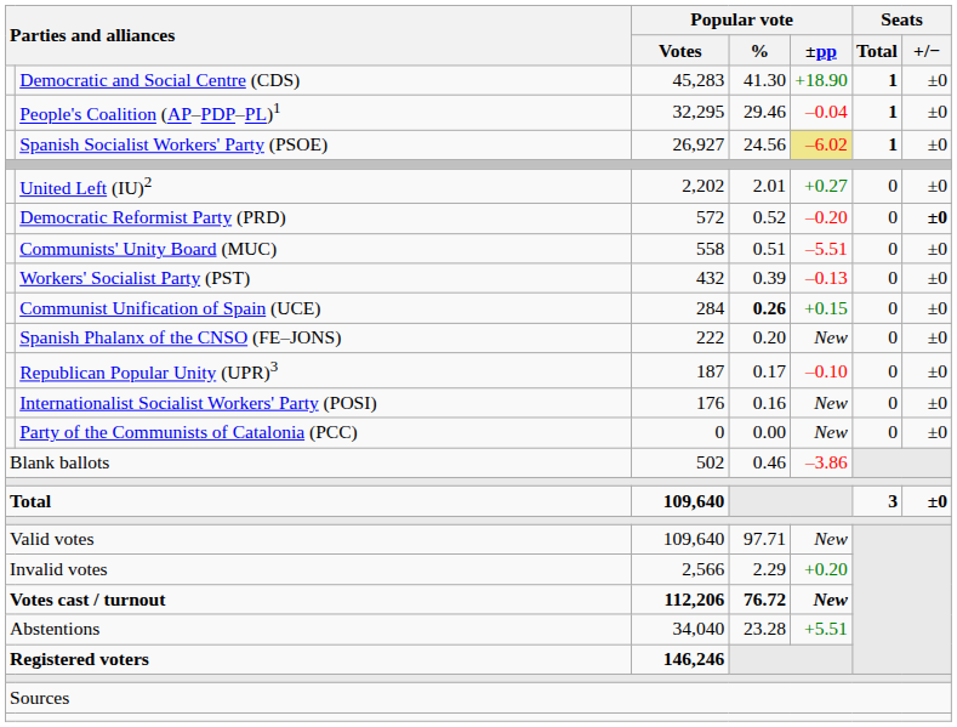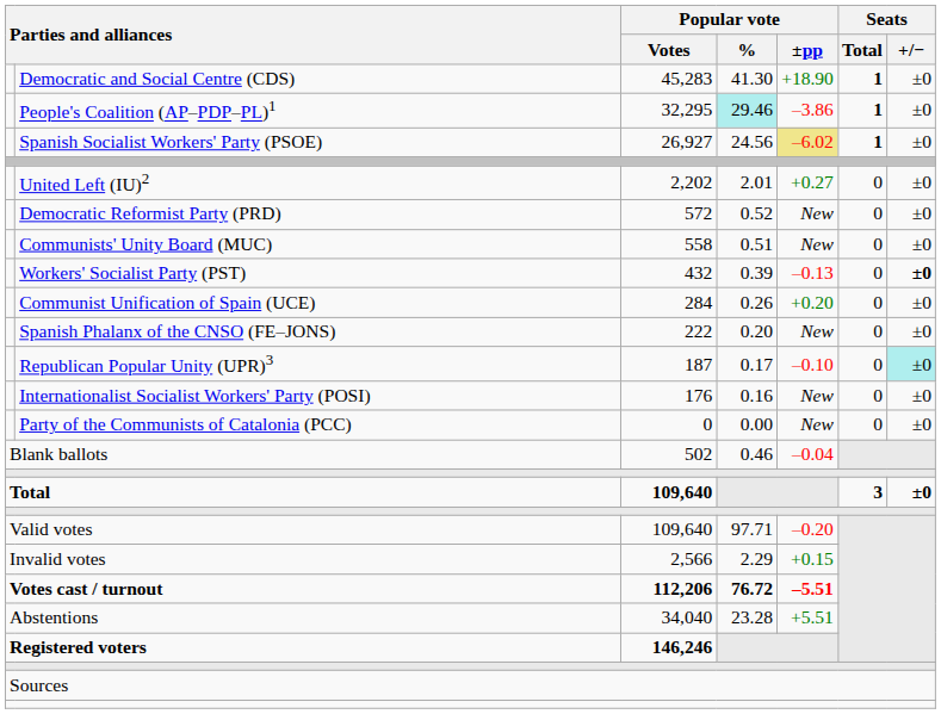 <table class="wikitable" style="text-align:right;">
 <tr>
 <th style="text-align:left;" rowspan="2" colspan="2" width="525">Parties and alliances</th>
 <th colspan="3">Popular vote</th>
 <th colspan="2">Seats</th>
 </tr>
 <tr>
 <th width="75">Votes</th>
 <th width="45">%</th>
 <th width="45">±<a href='#'>pp</a></th>
 <th width="35">Total</th>
 <th width="35">+/−</th>
 </tr>
 <tr>
 <td width="1" style="color:inherit;background:"></td>
 <td align="left"><a href='#'>Democratic and Social Centre</a> (CDS)</td>
 <td>45,283</td>
 <td>41.30</td>
 <td style="color:green;">+18.90</td>
 <td><strong>1</strong></td>
 <td>±0</td>
 </tr>
 <tr>
 <td style="color:inherit;background:"></td>
 <td align="left"><a href='#'>People's Coalition</a> (<a href='#'>AP</a>–<a href='#'>PDP</a>–<a href='#'>PL</a>)<sup>1</sup></td>
 <td>32,295</td>
-<td>29.46</td>
-<td style="color:red;">–0.04</td>
+<td style="background: paleturquoise;">29.46</td>
+<td style="color:red;">–3.86</td>
 <td><strong>1</strong></td>
 <td>±0</td>
 </tr>
 <tr>
 <td style="color:inherit;background:"></td>
 <td align="left"><a href='#'>Spanish Socialist Workers' Party</a> (PSOE)</td>
 <td>26,927</td>
 <td>24.56</td>
 <td style="background: khaki; color:red;">–6.02</td>
 <td><strong>1</strong></td>
 <td>±0</td>
 </tr>
 <tr>
 <td colspan="7" bgcolor="#C0C0C0"></td>
 </tr>
 <tr>
 <td style="color:inherit;background:"></td>
 <td align="left"><a href='#'>United Left</a> (IU)<sup>2</sup></td>
 <td>2,202</td>
 <td>2.01</td>
 <td style="color:green;">+0.27</td>
 <td>0</td>
 <td>±0</td>
 </tr>
 <tr>
 <td style="color:inherit;background:"></td>
 <td align="left"><a href='#'>Democratic Reformist Party</a> (PRD)</td>
 <td>572</td>
 <td>0.52</td>
-<td style="color:red;">–0.20</td>
+<td><em>New</em></td>
 <td>0</td>
-<td><strong>±0</strong></td>
+<td>±0</td>
 </tr>
 <tr>
 <td style="color:inherit;background:"></td>
 <td align="left"><a href='#'>Communists' Unity Board</a> (MUC)</td>
 <td>558</td>
 <td>0.51</td>
-<td style="color:red;">–5.51</td>
+<td><em>New</em></td>
 <td>0</td>
 <td>±0</td>
 </tr>
 <tr>
 <td style="color:inherit;background:"></td>
 <td align="left"><a href='#'>Workers' Socialist Party</a> (PST)</td>
 <td>432</td>
 <td>0.39</td>
 <td style="color:red;">–0.13</td>
 <td>0</td>
-<td>±0</td>
+<td><strong>±0</strong></td>
 </tr>
 <tr>
 <td style="color:inherit;background:"></td>
 <td align="left"><a href='#'>Communist Unification of Spain</a> (UCE)</td>
 <td>284</td>
-<td><strong>0.26</strong></td>
-<td style="color:green;">+0.15</td>
+<td>0.26</td>
+<td style="color:green;">+0.20</td>
 <td>0</td>
 <td>±0</td>
 </tr>
 <tr>
 <td style="color:inherit;background:"></td>
 <td align="left"><a href='#'>Spanish Phalanx of the CNSO</a> (FE–JONS)</td>
 <td>222</td>
 <td>0.20</td>
 <td><em>New</em></td>
 <td>0</td>
 <td>±0</td>
 </tr>
 <tr>
 <td style="color:inherit;background:"></td>
 <td align="left"><a href='#'>Republican Popular Unity</a> (UPR)<sup>3</sup></td>
 <td>187</td>
 <td>0.17</td>
 <td style="color:red;">–0.10</td>
 <td>0</td>
-<td>±0</td>
+<td style="background: paleturquoise;">±0</td>
 </tr>
 <tr>
 <td style="color:inherit;background:"></td>
 <td align="left"><a href='#'>Internationalist Socialist Workers' Party</a> (POSI)</td>
 <td>176</td>
 <td>0.16</td>
 <td><em>New</em></td>
 <td>0</td>
 <td>±0</td>
 </tr>
 <tr>
 <td style="color:inherit;background:"></td>
 <td align="left"><a href='#'>Party of the Communists of Catalonia</a> (PCC)</td>
 <td>0</td>
 <td>0.00</td>
 <td><em>New</em></td>
 <td>0</td>
 <td>±0</td>
 </tr>
 <tr>
 <td align="left" colspan="2">Blank ballots</td>
 <td>502</td>
 <td>0.46</td>
-<td style="color:red;">–3.86</td>
+<td style="color:red;">–0.04</td>
 <td bgcolor="#E9E9E9" colspan="2"></td>
 </tr>
 <tr>
 <td colspan="7" bgcolor="#E9E9E9"></td>
 </tr>
 <tr style="font-weight:bold;">
 <td align="left" colspan="2">Total</td>
 <td>109,640</td>
 <td bgcolor="#E9E9E9" colspan="2"></td>
 <td>3</td>
 <td>±0</td>
 </tr>
 <tr>
 <td colspan="7" bgcolor="#E9E9E9"></td>
 </tr>
 <tr>
 <td align="left" colspan="2">Valid votes</td>
 <td>109,640</td>
 <td>97.71</td>
-<td><em>New</em></td>
+<td style="color:red;">–0.20</td>
 <td bgcolor="#E9E9E9" colspan="2" rowspan="5"></td>
 </tr>
 <tr>
 <td align="left" colspan="2">Invalid votes</td>
 <td>2,566</td>
 <td>2.29</td>
-<td style="color:green;">+0.20</td>
+<td style="color:green;">+0.15</td>
 </tr>
 <tr style="font-weight:bold;">
 <td align="left" colspan="2">Votes cast / turnout</td>
 <td>112,206</td>
 <td>76.72</td>
-<td><em>New</em></td>
+<td style="color:red;">–5.51</td>
 </tr>
 <tr>
 <td align="left" colspan="2">Abstentions</td>
 <td>34,040</td>
 <td>23.28</td>
 <td style="color:green;">+5.51</td>
 </tr>
 <tr style="font-weight:bold;">
 <td align="left" colspan="2">Registered voters</td>
 <td>146,246</td>
 <td bgcolor="#E9E9E9" colspan="2"></td>
 </tr>
 <tr>
 <td colspan="7" bgcolor="#E9E9E9"></td>
 </tr>
 <tr>
 <td align="left" colspan="7">Sources</td>
 </tr>
 <tr>
 <td colspan="7" style="text-align:left; max-width:790px;"></td>
 </tr>
 </table>
